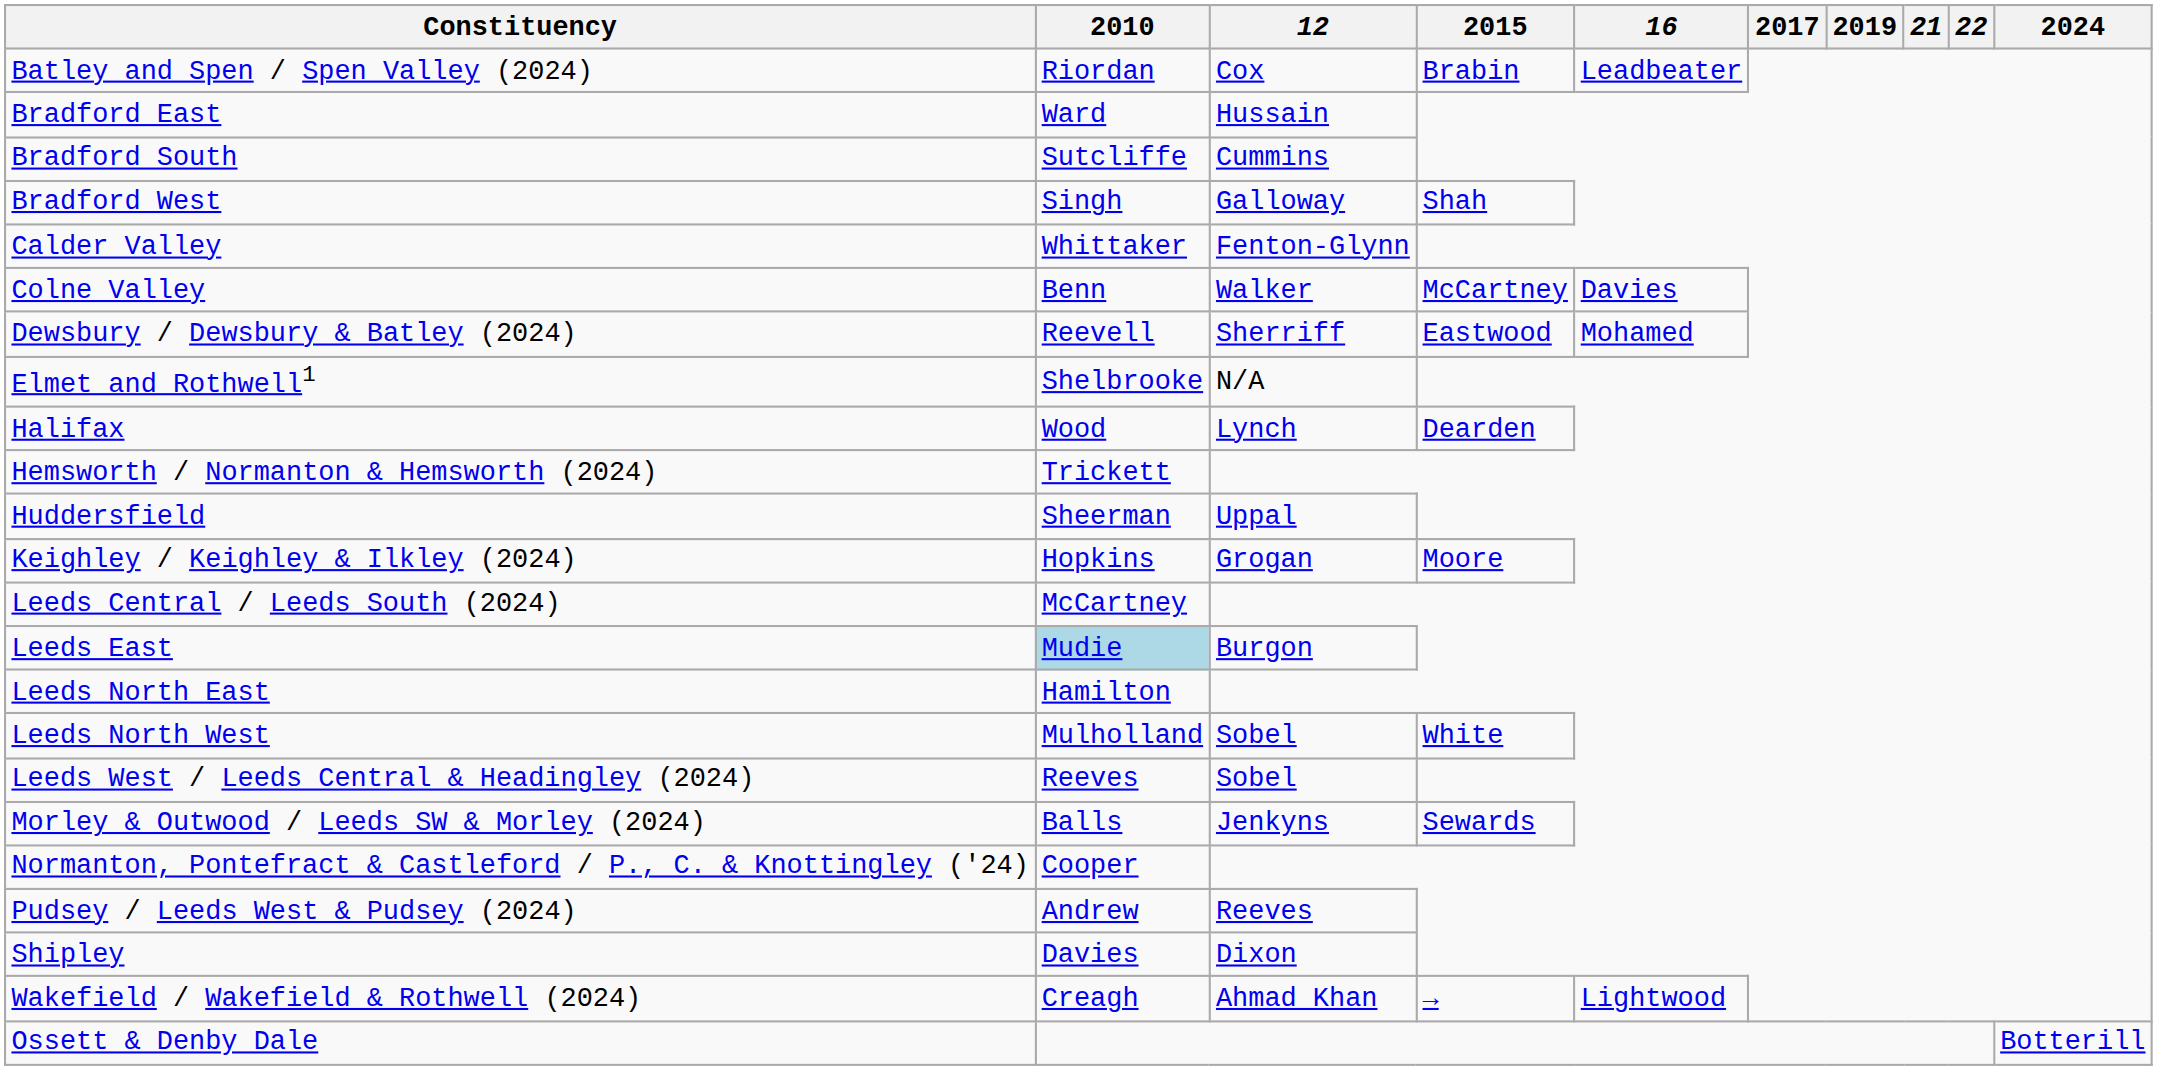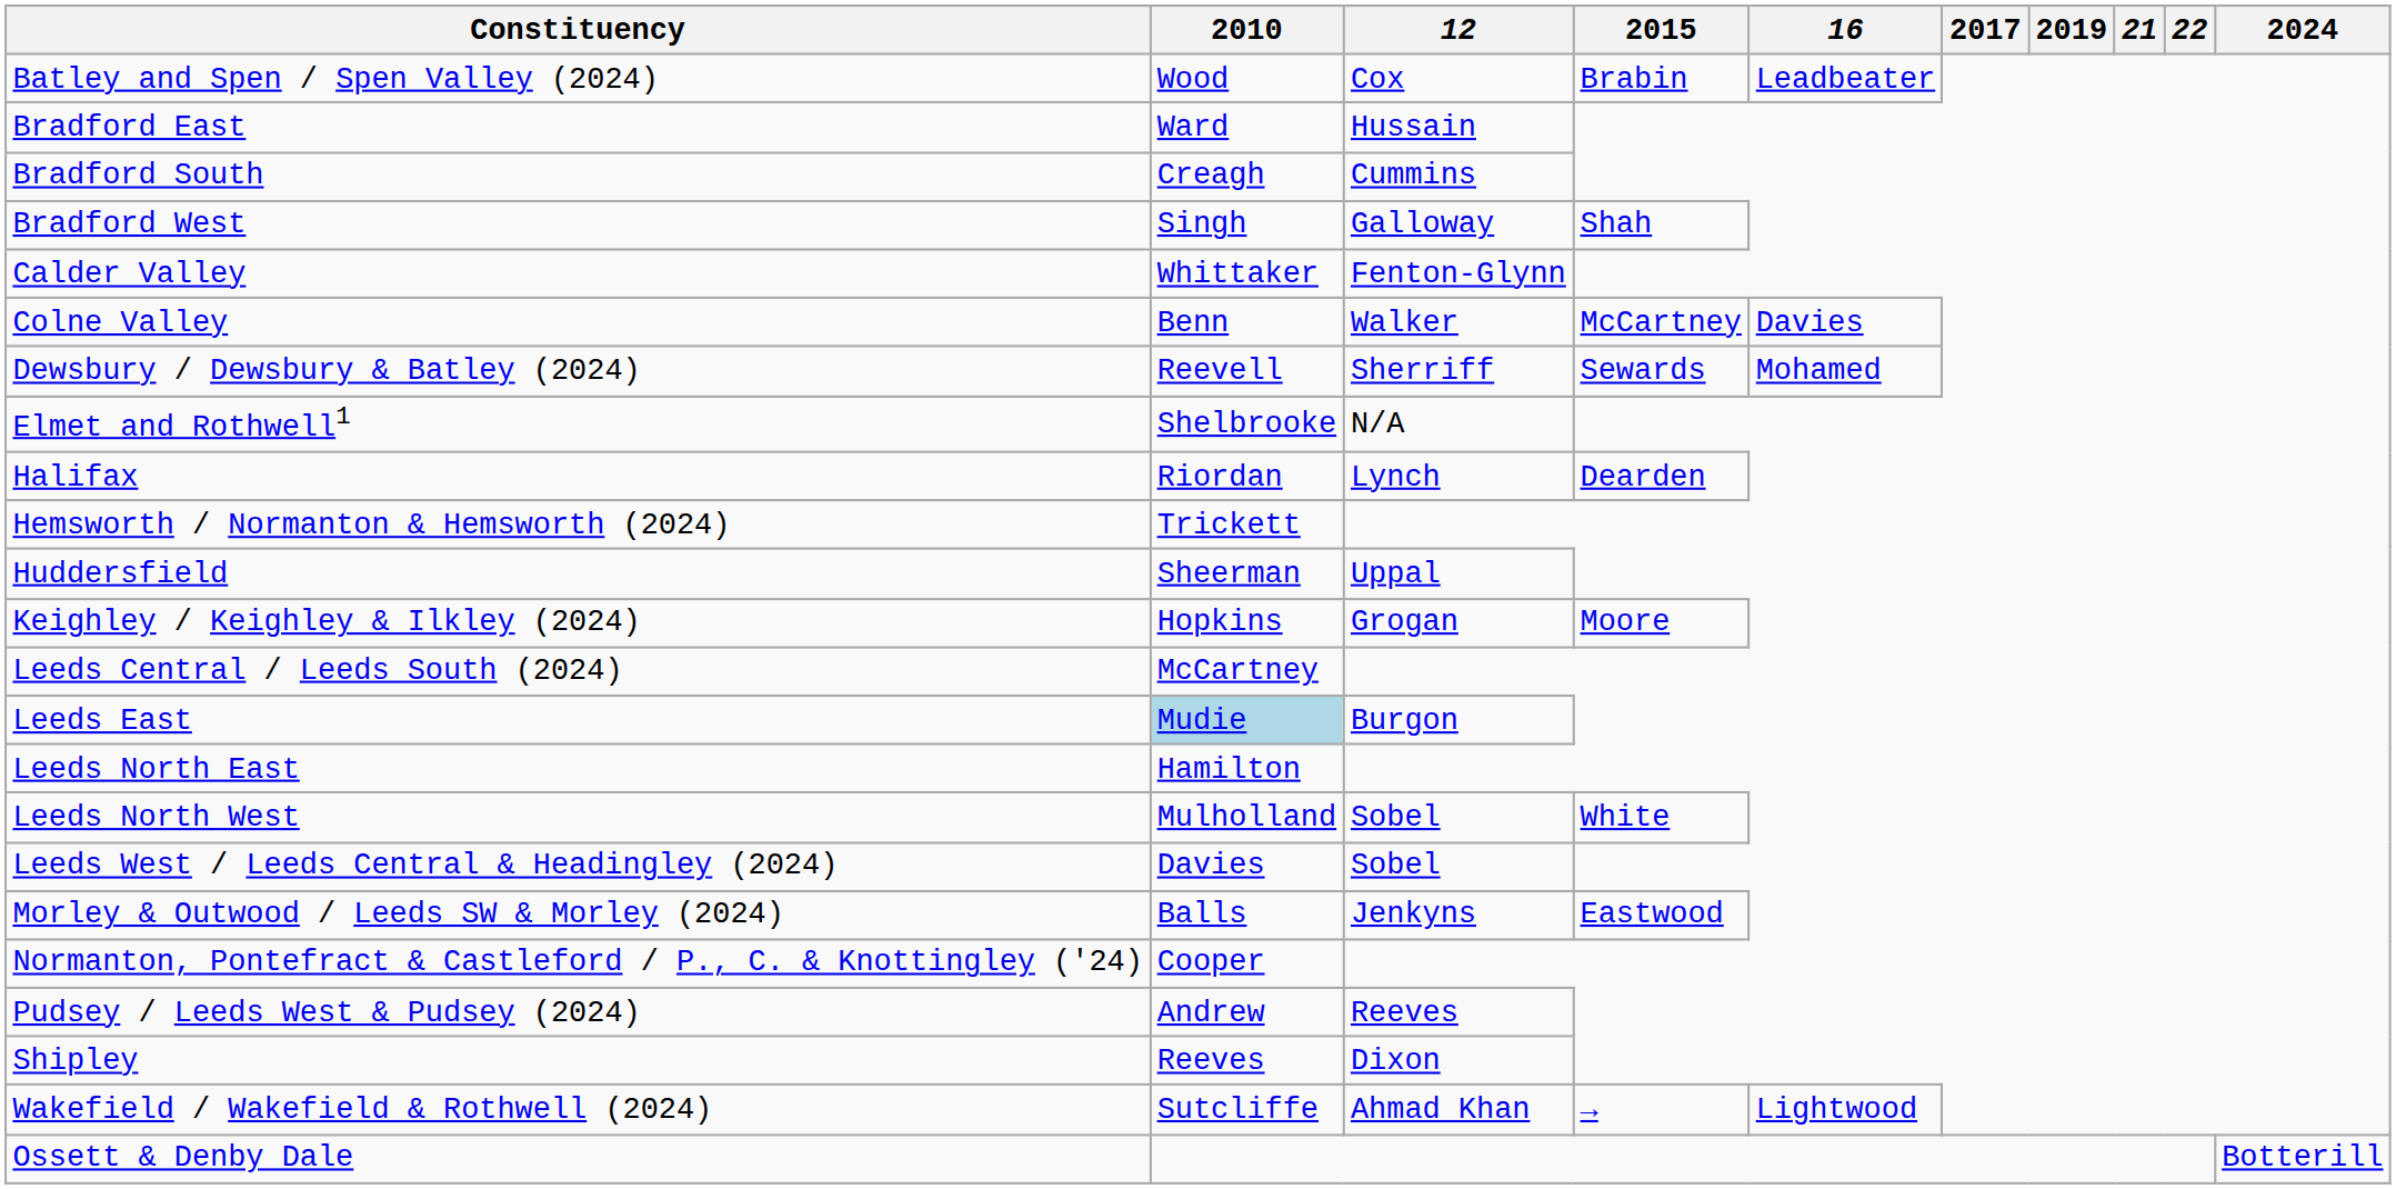 <table class="wikitable">
 <tr>
 <th>Constituency</th>
 <th>2010</th>
 <th><em>12</em></th>
 <th>2015</th>
 <th><em>16</em></th>
 <th>2017</th>
 <th>2019</th>
 <th><em>21</em></th>
 <th><em>22</em></th>
 <th>2024</th>
 </tr>
 <tr>
 <td><a href='#'>Batley and Spen</a> / <a href='#'>Spen Valley</a> (2024)</td>
-<td><a href='#'>Riordan</a></td>
+<td><a href='#'>Wood</a></td>
 <td><a href='#'>Cox</a></td>
 <td><a href='#'>Brabin</a></td>
 <td><a href='#'>Leadbeater</a></td>
 </tr>
 <tr>
 <td><a href='#'>Bradford East</a></td>
 <td><a href='#'>Ward</a></td>
 <td><a href='#'>Hussain</a></td>
 </tr>
 <tr>
 <td><a href='#'>Bradford South</a></td>
-<td><a href='#'>Sutcliffe</a></td>
+<td><a href='#'>Creagh</a></td>
 <td><a href='#'>Cummins</a></td>
 </tr>
 <tr>
 <td><a href='#'>Bradford West</a></td>
 <td><a href='#'>Singh</a></td>
 <td><a href='#'>Galloway</a></td>
 <td><a href='#'>Shah</a></td>
 </tr>
 <tr>
 <td><a href='#'>Calder Valley</a></td>
 <td><a href='#'>Whittaker</a></td>
 <td><a href='#'>Fenton-Glynn</a></td>
 </tr>
 <tr>
 <td><a href='#'>Colne Valley</a></td>
 <td><a href='#'>Benn</a></td>
 <td><a href='#'>Walker</a></td>
 <td><a href='#'>McCartney</a></td>
 <td><a href='#'>Davies</a></td>
 </tr>
 <tr>
 <td><a href='#'>Dewsbury</a> / <a href='#'>Dewsbury & Batley</a> (2024)</td>
 <td><a href='#'>Reevell</a></td>
 <td><a href='#'>Sherriff</a></td>
-<td><a href='#'>Eastwood</a></td>
+<td><a href='#'>Sewards</a></td>
 <td><a href='#'>Mohamed</a></td>
 </tr>
 <tr>
 <td><a href='#'>Elmet and Rothwell</a><sup>1</sup></td>
 <td><a href='#'>Shelbrooke</a></td>
 <td>N/A</td>
 </tr>
 <tr>
 <td><a href='#'>Halifax</a></td>
-<td><a href='#'>Wood</a></td>
+<td><a href='#'>Riordan</a></td>
 <td><a href='#'>Lynch</a></td>
 <td><a href='#'>Dearden</a></td>
 </tr>
 <tr>
 <td><a href='#'>Hemsworth</a> / <a href='#'>Normanton & Hemsworth</a> (2024)</td>
 <td><a href='#'>Trickett</a></td>
 </tr>
 <tr>
 <td><a href='#'>Huddersfield</a></td>
 <td><a href='#'>Sheerman</a></td>
 <td><a href='#'>Uppal</a></td>
 </tr>
 <tr>
 <td><a href='#'>Keighley</a> / <a href='#'>Keighley & Ilkley</a> (2024)</td>
 <td><a href='#'>Hopkins</a></td>
 <td><a href='#'>Grogan</a></td>
 <td><a href='#'>Moore</a></td>
 </tr>
 <tr>
 <td><a href='#'>Leeds Central</a> / <a href='#'>Leeds South</a> (2024)</td>
 <td><a href='#'>McCartney</a></td>
 </tr>
 <tr>
 <td><a href='#'>Leeds East</a></td>
 <td style="background: lightblue;"><a href='#'>Mudie</a></td>
 <td><a href='#'>Burgon</a></td>
 </tr>
 <tr>
 <td><a href='#'>Leeds North East</a></td>
 <td><a href='#'>Hamilton</a></td>
 </tr>
 <tr>
 <td><a href='#'>Leeds North West</a></td>
 <td><a href='#'>Mulholland</a></td>
 <td><a href='#'>Sobel</a></td>
 <td><a href='#'>White</a></td>
 </tr>
 <tr>
 <td><a href='#'>Leeds West</a> / <a href='#'>Leeds Central & Headingley</a> (2024)</td>
-<td><a href='#'>Reeves</a></td>
+<td><a href='#'>Davies</a></td>
 <td><a href='#'>Sobel</a></td>
 </tr>
 <tr>
 <td><a href='#'>Morley & Outwood</a> / <a href='#'>Leeds SW & Morley</a> (2024)</td>
 <td><a href='#'>Balls</a></td>
 <td><a href='#'>Jenkyns</a></td>
-<td><a href='#'>Sewards</a></td>
+<td><a href='#'>Eastwood</a></td>
 </tr>
 <tr>
 <td><a href='#'>Normanton, Pontefract & Castleford</a> / <a href='#'>P., C. & Knottingley</a> ('24)</td>
 <td><a href='#'>Cooper</a></td>
 </tr>
 <tr>
 <td><a href='#'>Pudsey</a> / <a href='#'>Leeds West & Pudsey</a> (2024)</td>
 <td><a href='#'>Andrew</a></td>
 <td><a href='#'>Reeves</a></td>
 </tr>
 <tr>
 <td><a href='#'>Shipley</a></td>
-<td><a href='#'>Davies</a></td>
+<td><a href='#'>Reeves</a></td>
 <td><a href='#'>Dixon</a></td>
 </tr>
 <tr>
 <td><a href='#'>Wakefield</a> / <a href='#'>Wakefield & Rothwell</a> (2024)</td>
-<td><a href='#'>Creagh</a></td>
+<td><a href='#'>Sutcliffe</a></td>
 <td><a href='#'>Ahmad Khan</a></td>
 <td><a href='#'>→</a></td>
 <td><a href='#'>Lightwood</a></td>
 </tr>
 <tr>
 <td><a href='#'>Ossett & Denby Dale</a></td>
 <td colspan="8"></td>
 <td><a href='#'>Botterill</a></td>
 </tr>
 </table>
